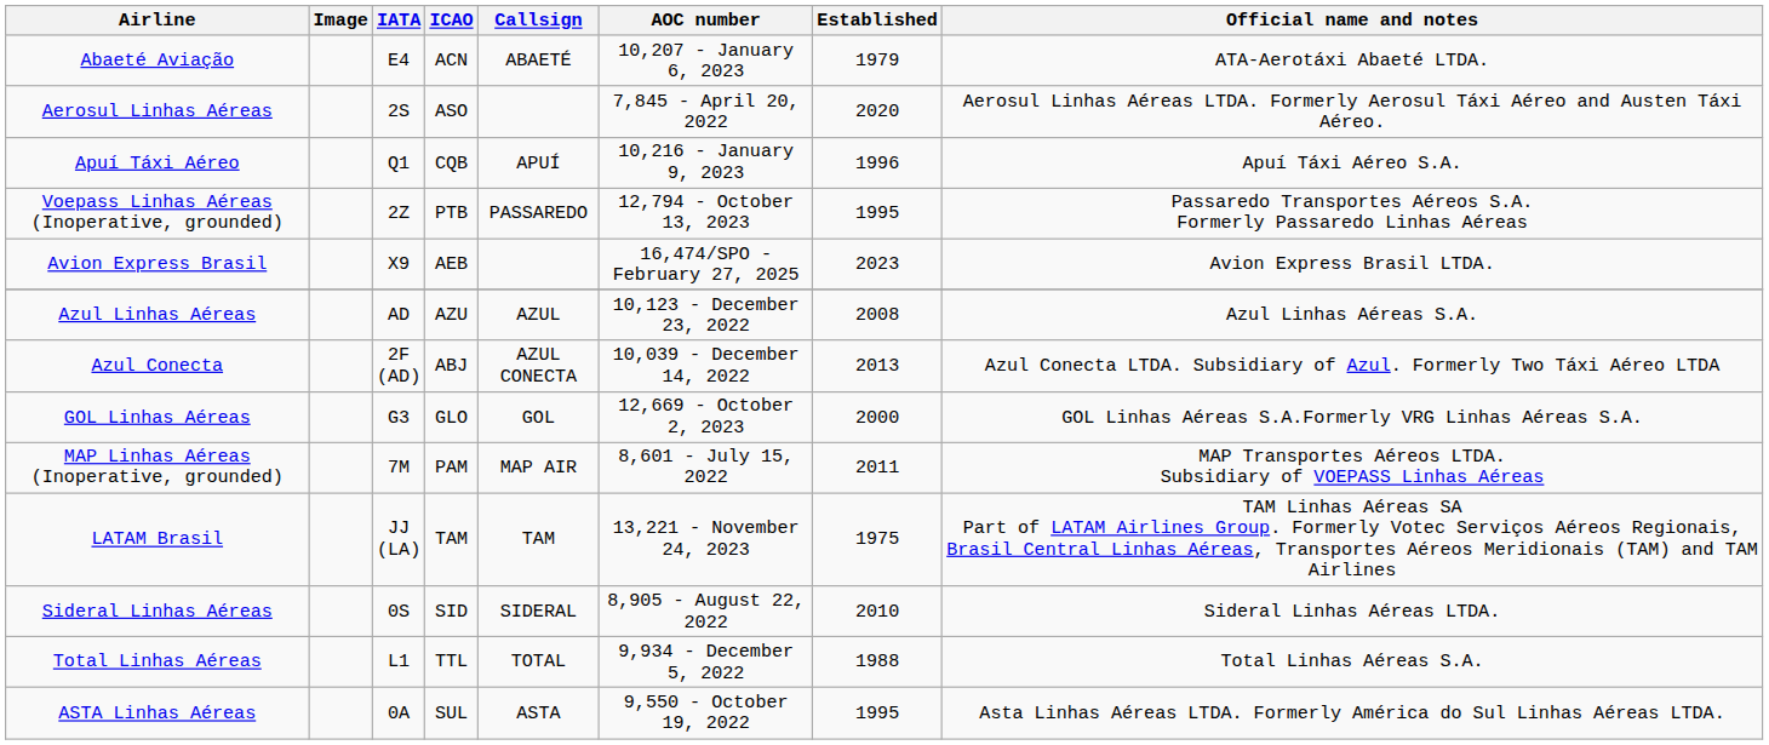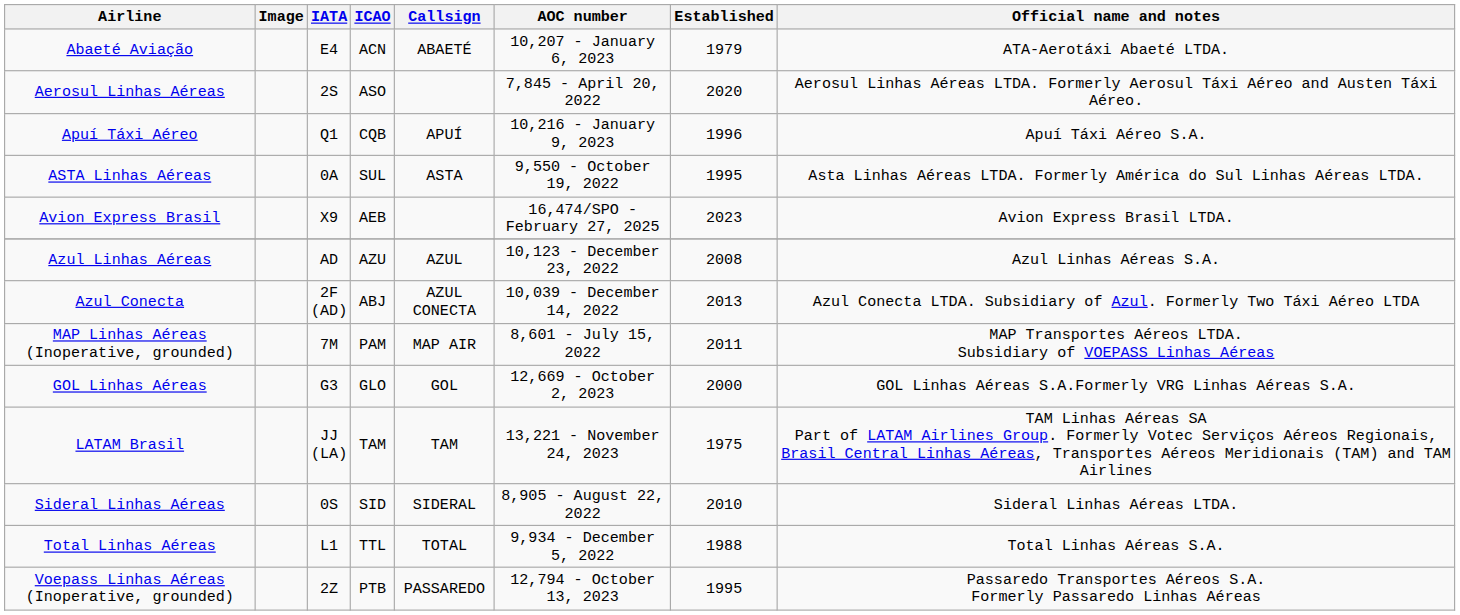 <table class="wikitable sortable" style="border: 0; cellpadding: 2; cellspacing: 3; text-align:center; width:10m;">
 <tr valign="middle">
 <th>Airline</th>
 <th>Image</th>
 <th><a href='#'>IATA</a></th>
 <th><a href='#'>ICAO</a></th>
 <th><a href='#'>Callsign</a></th>
 <th>AOC number</th>
 <th>Established</th>
 <th class="unsortable">Official name and notes</th>
 </tr>
 <tr>
 <td><a href='#'>Abaeté Aviação</a></td>
 <td></td>
 <td>E4</td>
 <td>ACN</td>
 <td>ABAETÉ</td>
 <td>10,207 - January 6, 2023</td>
 <td>1979</td>
 <td>ATA-Aerotáxi Abaeté LTDA.</td>
 </tr>
 <tr>
 <td><a href='#'>Aerosul Linhas Aéreas</a></td>
 <td></td>
 <td>2S</td>
 <td>ASO</td>
 <td></td>
 <td>7,845 - April 20, 2022</td>
 <td>2020</td>
 <td><div>Aerosul Linhas Aéreas LTDA. Formerly Aerosul Táxi Aéreo and Austen Táxi Aéreo.</div></td>
 </tr>
 <tr>
 <td><a href='#'>Apuí Táxi Aéreo</a></td>
 <td></td>
 <td>Q1</td>
 <td>CQB</td>
 <td>APUÍ</td>
 <td>10,216 - January 9, 2023</td>
 <td>1996</td>
 <td><div>Apuí Táxi Aéreo S.A.</div></td>
 </tr>
 <tr>
-<td><a href='#'>Voepass Linhas Aéreas</a> (Inoperative, grounded)</td>
+<td><a href='#'>ASTA Linhas Aéreas</a></td>
 <td></td>
-<td>2Z</td>
-<td>PTB</td>
-<td>PASSAREDO</td>
-<td>12,794 - October 13, 2023</td>
+<td>0A</td>
+<td>SUL</td>
+<td>ASTA</td>
+<td>9,550 - October 19, 2022</td>
 <td>1995</td>
-<td>Passaredo Transportes Aéreos S.A.<br>Formerly Passaredo Linhas Aéreas</td>
+<td><div>Asta Linhas Aéreas LTDA. Formerly América do Sul Linhas Aéreas LTDA.</div></td>
 </tr>
 <tr>
 <td><a href='#'>Avion Express Brasil</a></td>
 <td></td>
 <td>X9</td>
 <td>AEB</td>
 <td></td>
 <td>16,474/SPO - February 27, 2025</td>
 <td>2023</td>
 <td>Avion Express Brasil LTDA.</td>
 </tr>
 <tr>
 </tr>
 <tr>
 <td><a href='#'>Azul Linhas Aéreas</a></td>
 <td></td>
 <td>AD</td>
 <td>AZU</td>
 <td>AZUL</td>
 <td>10,123 - December 23, 2022</td>
 <td>2008</td>
 <td>Azul Linhas Aéreas S.A.</td>
 </tr>
 <tr>
 <td><a href='#'>Azul Conecta</a></td>
 <td></td>
 <td>2F<br>(AD)</td>
 <td>ABJ</td>
 <td>AZUL CONECTA</td>
 <td>10,039 - December 14, 2022</td>
 <td>2013</td>
 <td><div>Azul Conecta LTDA. Subsidiary of <a href='#'>Azul</a>. Formerly Two Táxi Aéreo LTDA</div></td>
 </tr>
 <tr>
+<td><a href='#'>MAP Linhas Aéreas</a> (Inoperative, grounded)</td>
+<td></td>
+<td>7M</td>
+<td>PAM</td>
+<td>MAP AIR</td>
+<td>8,601 - July 15, 2022</td>
+<td>2011</td>
+<td>MAP Transportes Aéreos LTDA. <br>Subsidiary of <a href='#'>VOEPASS Linhas Aéreas</a></td>
+</tr>
+<tr>
 <td><a href='#'>GOL Linhas Aéreas</a></td>
 <td></td>
 <td>G3</td>
 <td>GLO</td>
 <td>GOL</td>
 <td>12,669 - October 2, 2023</td>
 <td>2000</td>
 <td><div>GOL Linhas Aéreas S.A.Formerly VRG Linhas Aéreas S.A.</div></td>
-</tr>
-<tr>
-<td><a href='#'>MAP Linhas Aéreas</a> (Inoperative, grounded)</td>
-<td></td>
-<td>7M</td>
-<td>PAM</td>
-<td>MAP AIR</td>
-<td>8,601 - July 15, 2022</td>
-<td>2011</td>
-<td>MAP Transportes Aéreos LTDA. <br>Subsidiary of <a href='#'>VOEPASS Linhas Aéreas</a></td>
 </tr>
 <tr>
 <td><a href='#'>LATAM Brasil</a></td>
 <td></td>
 <td>JJ<br>(LA)</td>
 <td>TAM</td>
 <td>TAM</td>
 <td>13,221 - November 24, 2023</td>
 <td>1975</td>
 <td>TAM Linhas Aéreas SA<br>Part of <a href='#'>LATAM Airlines Group</a>. Formerly Votec Serviços Aéreos Regionais, <a href='#'>Brasil Central Linhas Aéreas</a>, Transportes Aéreos Meridionais (TAM) and TAM Airlines</td>
 </tr>
 <tr>
 <td><a href='#'>Sideral Linhas Aéreas</a></td>
 <td></td>
 <td>0S</td>
 <td>SID</td>
 <td>SIDERAL</td>
 <td>8,905 - August 22, 2022</td>
 <td>2010</td>
 <td>Sideral Linhas Aéreas LTDA.</td>
 </tr>
 <tr>
 <td><a href='#'>Total Linhas Aéreas</a></td>
 <td></td>
 <td>L1</td>
 <td>TTL</td>
 <td>TOTAL</td>
 <td>9,934 - December 5, 2022</td>
 <td>1988</td>
 <td>Total Linhas Aéreas S.A.</td>
 </tr>
 <tr>
-<td><a href='#'>ASTA Linhas Aéreas</a></td>
+<td><a href='#'>Voepass Linhas Aéreas</a> (Inoperative, grounded)</td>
 <td></td>
-<td>0A</td>
-<td>SUL</td>
-<td>ASTA</td>
-<td>9,550 - October 19, 2022</td>
+<td>2Z</td>
+<td>PTB</td>
+<td>PASSAREDO</td>
+<td>12,794 - October 13, 2023</td>
 <td>1995</td>
-<td><div>Asta Linhas Aéreas LTDA. Formerly América do Sul Linhas Aéreas LTDA.</div></td>
+<td>Passaredo Transportes Aéreos S.A.<br>Formerly Passaredo Linhas Aéreas</td>
 </tr>
 <tr>
 </tr>
 </table>
